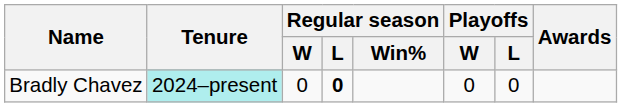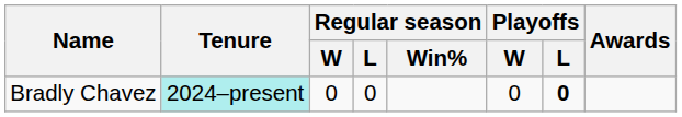 <table class="wikitable">
 <tr>
 <th rowspan="2">Name</th>
 <th rowspan="2">Tenure</th>
 <th colspan="3">Regular season</th>
 <th colspan="2">Playoffs</th>
 <th rowspan="2">Awards</th>
 </tr>
 <tr>
 <th rowspan="1">W</th>
 <th rowspan="1">L</th>
 <th rowspan="1">Win%</th>
 <th rowspan="1">W</th>
 <th rowspan="1">L</th>
 </tr>
 <tr>
 <td>Bradly Chavez</td>
 <td style="background: paleturquoise; text-align:center;">2024–present</td>
 <td style="text-align:center;">0</td>
-<td style="text-align:center;"><strong>0</strong></td>
+<td style="text-align:center;">0</td>
 <td style="text-align:center;"></td>
 <td style="text-align:center;">0</td>
-<td style="text-align:center;">0</td>
+<td style="text-align:center;"><strong>0</strong></td>
 <td></td>
 </tr>
 </table>
